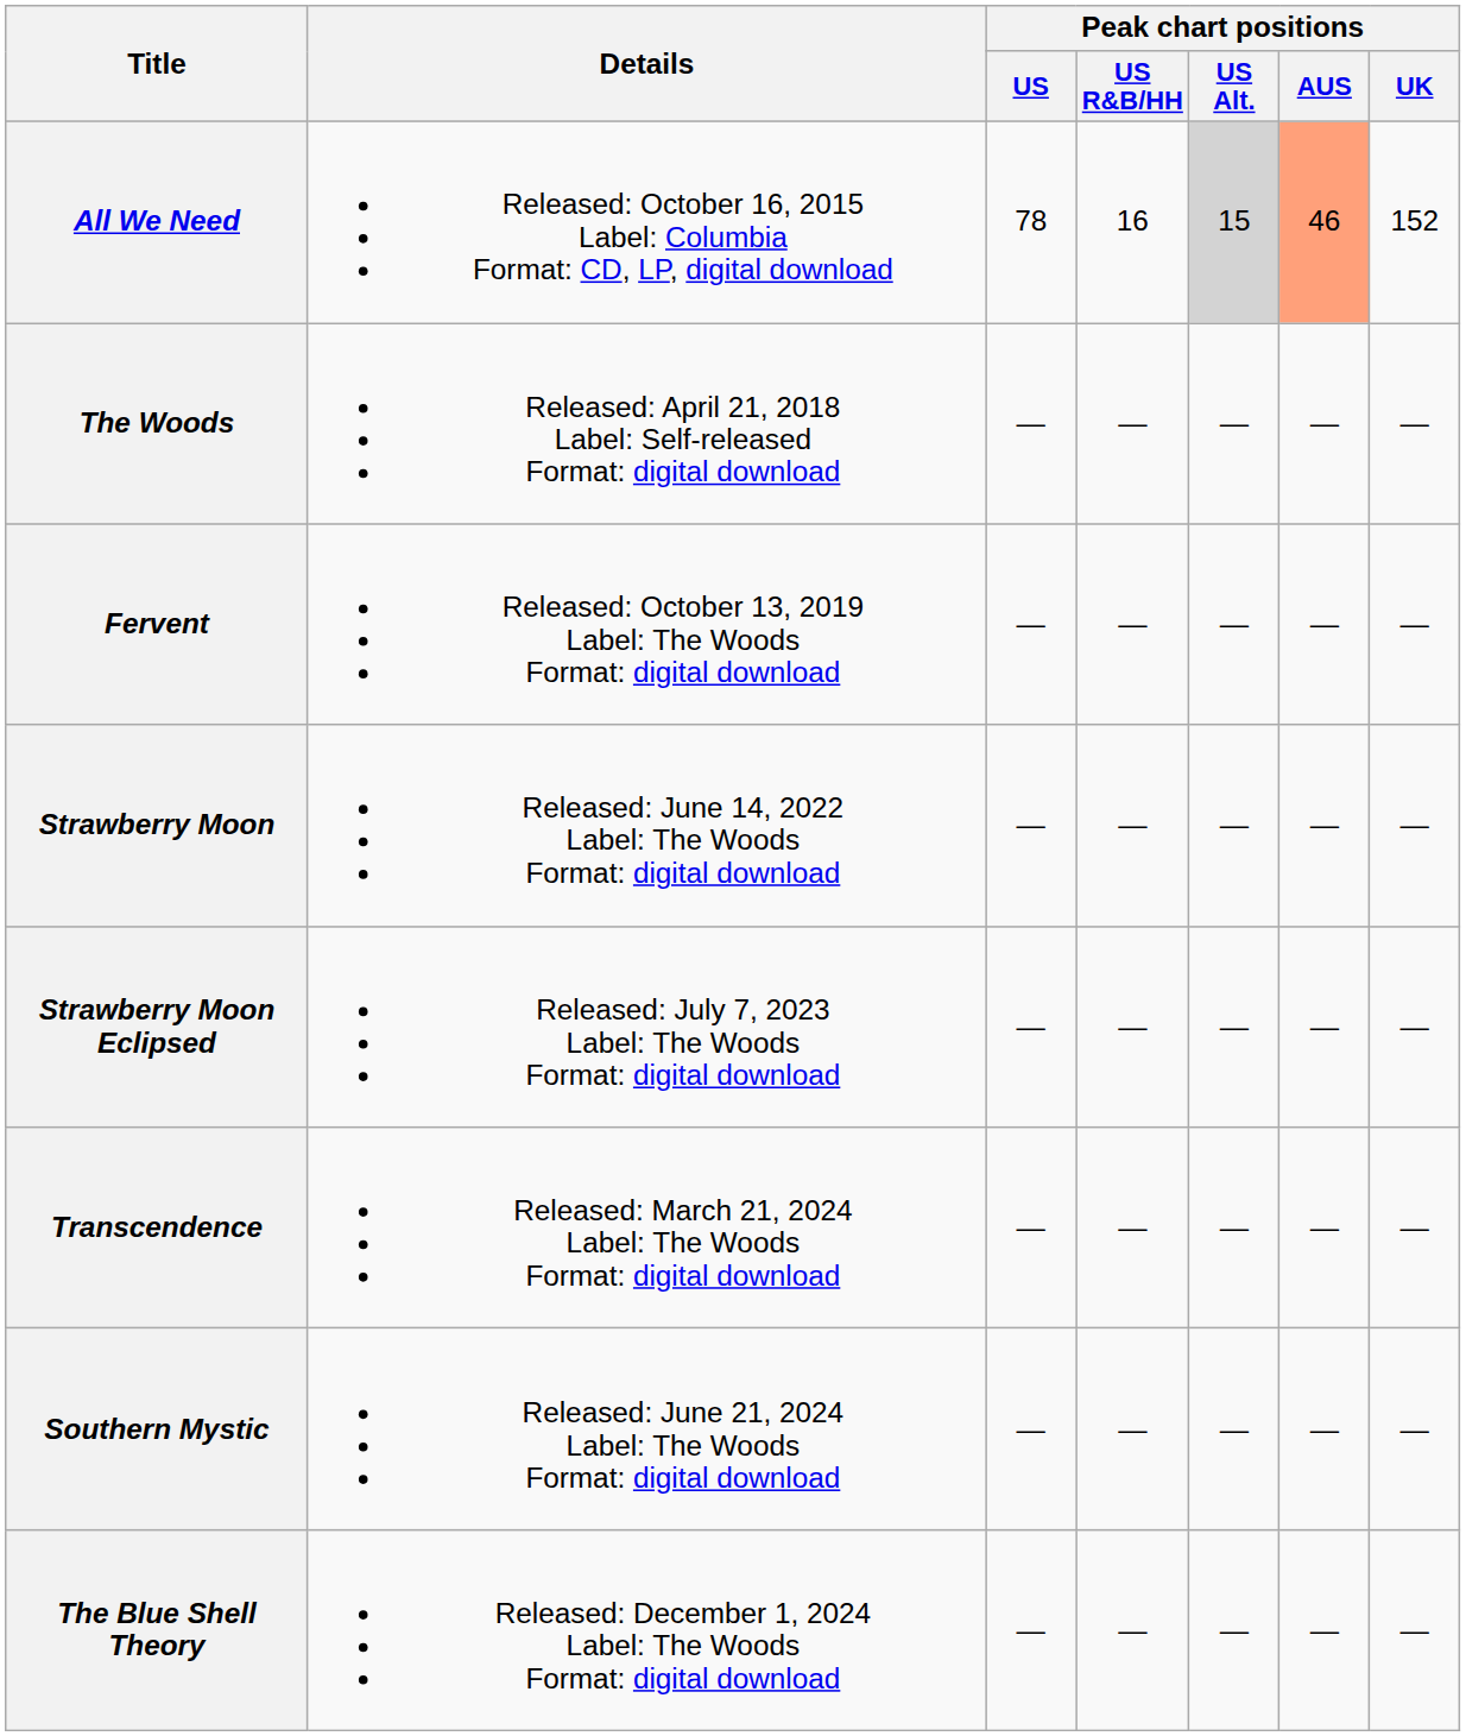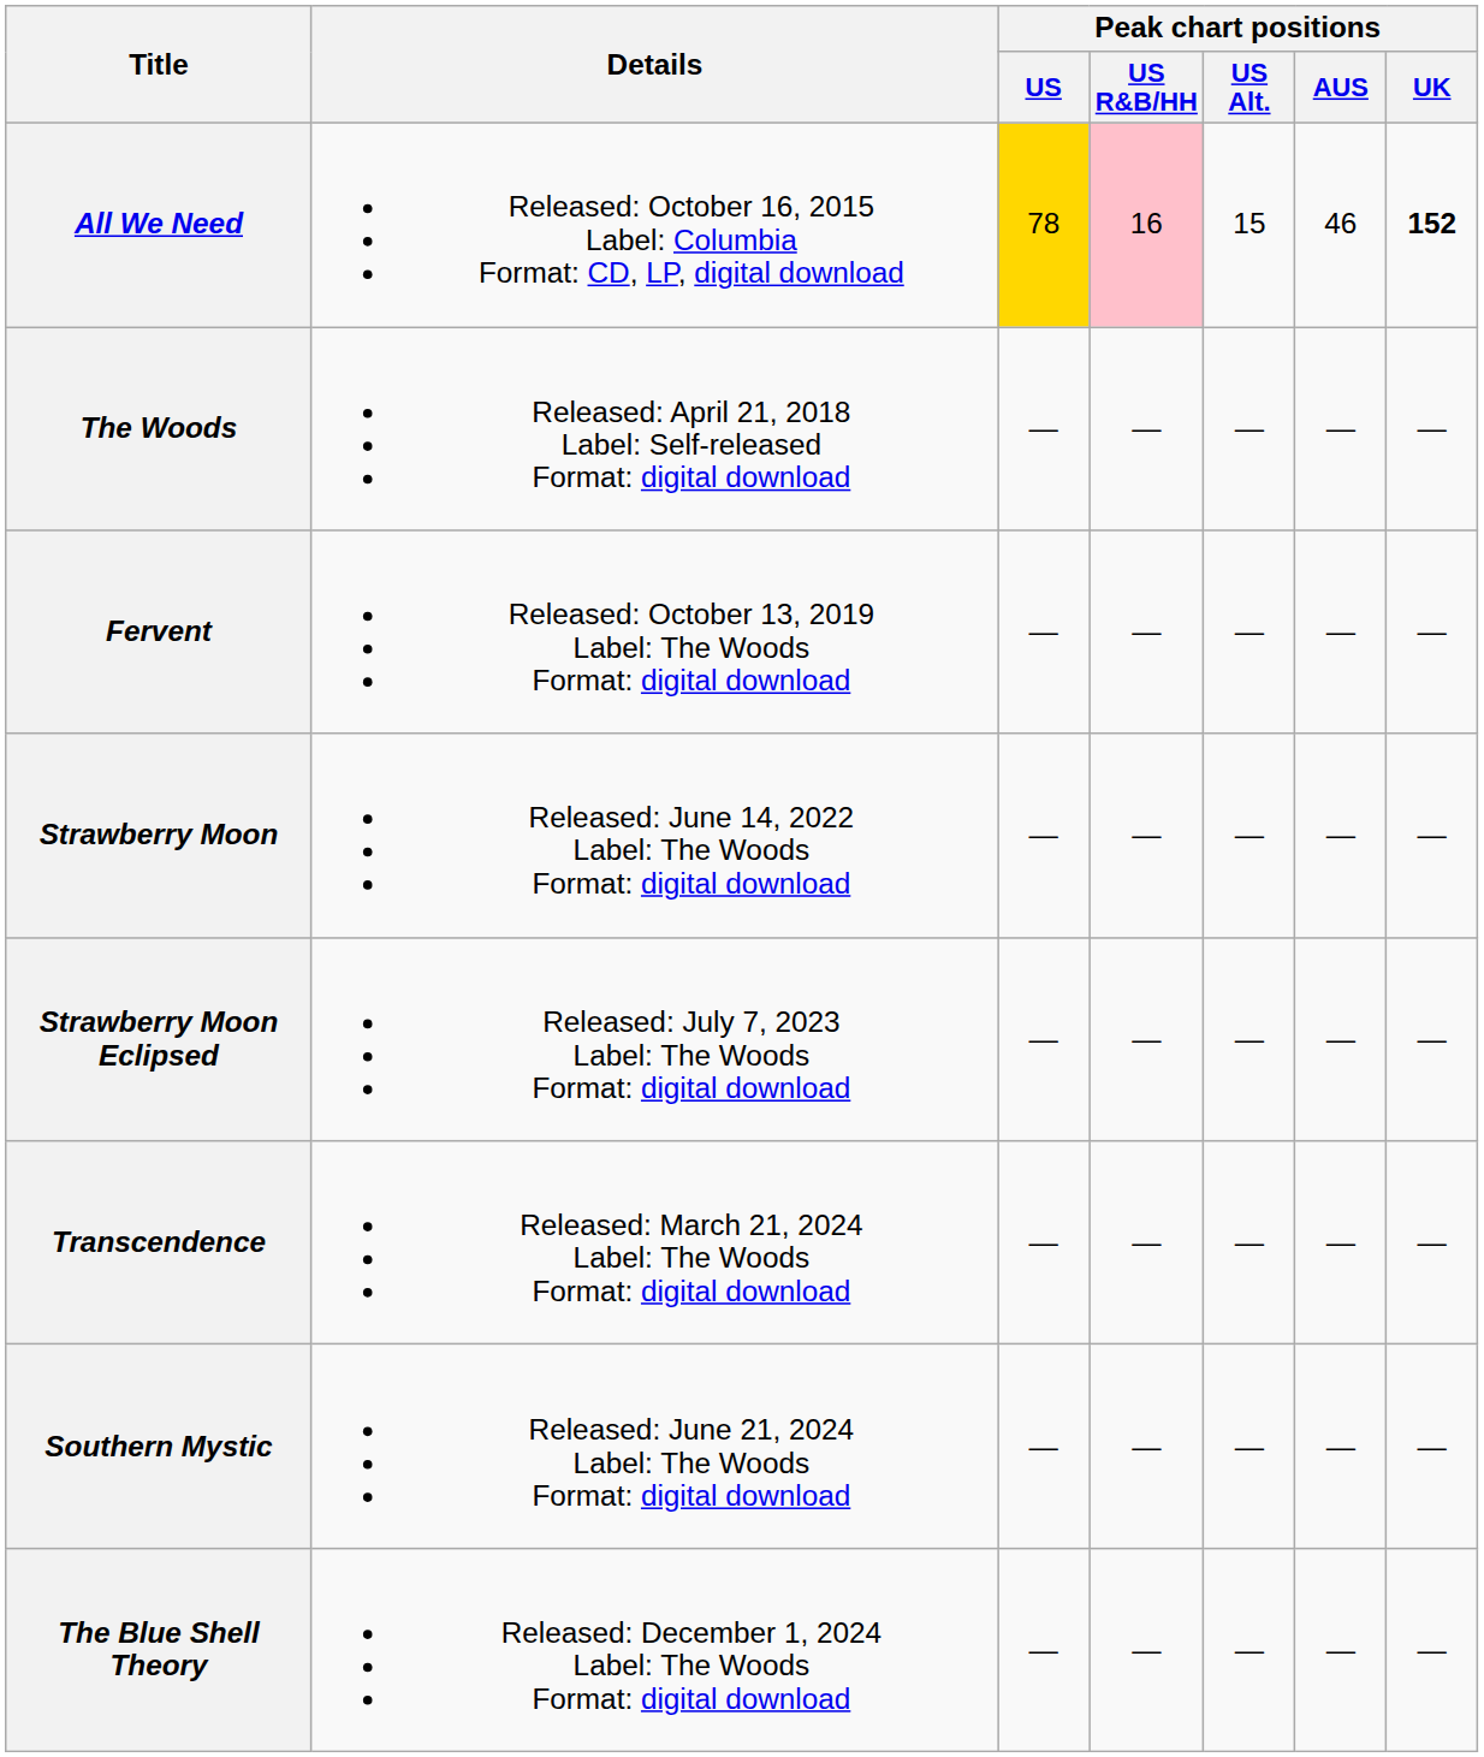 <table class="wikitable plainrowheaders" style="text-align:center;">
 <tr>
 <th scope="col" rowspan="2" style="width:10em;">Title</th>
 <th scope="col" rowspan="2" style="width:23em;">Details</th>
 <th scope="col" colspan="5">Peak chart positions</th>
 </tr>
 <tr>
 <th scope="col" style="width:3em;font-size:90%;"><a href='#'>US</a><br></th>
 <th scope="col" style="width:3em;font-size:90%;"><a href='#'>US R&B/HH</a><br></th>
 <th scope="col" style="width:3em;font-size:90%;"><a href='#'>US Alt.</a><br></th>
 <th scope="col" style="width:3em;font-size:90%;"><a href='#'>AUS</a><br></th>
 <th scope="col" style="width:3em;font-size:90%;"><a href='#'>UK</a><br></th>
 </tr>
 <tr>
 <th scope="row"><em><a href='#'>All We Need</a></em></th>
 <td><br><ul><li>Released: October 16, 2015</li><li>Label: <a href='#'>Columbia</a></li><li>Format: <a href='#'>CD</a>, <a href='#'>LP</a>, <a href='#'>digital download</a></li></ul></td>
-<td>78</td>
-<td>16</td>
-<td style="background: lightgrey;">15</td>
-<td style="background: lightsalmon;">46</td>
-<td>152</td>
+<td style="background: gold;">78</td>
+<td style="background: pink;">16</td>
+<td>15</td>
+<td>46</td>
+<td><strong>152</strong></td>
 </tr>
 <tr>
 <th scope="row"><em>The Woods</em></th>
 <td><br><ul><li>Released: April 21, 2018</li><li>Label: Self-released</li><li>Format: <a href='#'>digital download</a></li></ul></td>
 <td>—</td>
 <td>—</td>
 <td>—</td>
 <td>—</td>
 <td>—</td>
 </tr>
 <tr>
 <th scope="row"><em>Fervent</em></th>
 <td><br><ul><li>Released: October 13, 2019</li><li>Label: The Woods</li><li>Format: <a href='#'>digital download</a></li></ul></td>
 <td>—</td>
 <td>—</td>
 <td>—</td>
 <td>—</td>
 <td>—</td>
 </tr>
 <tr>
 <th scope="row"><em>Strawberry Moon</em></th>
 <td><br><ul><li>Released: June 14, 2022</li><li>Label: The Woods</li><li>Format: <a href='#'>digital download</a></li></ul></td>
 <td>—</td>
 <td>—</td>
 <td>—</td>
 <td>—</td>
 <td>—</td>
 </tr>
 <tr>
 <th scope="row"><em>Strawberry Moon Eclipsed</em></th>
 <td><br><ul><li>Released: July 7, 2023</li><li>Label: The Woods</li><li>Format: <a href='#'>digital download</a></li></ul></td>
 <td>—</td>
 <td>—</td>
 <td>—</td>
 <td>—</td>
 <td>—</td>
 </tr>
 <tr>
 <th scope="row"><em>Transcendence</em></th>
 <td><br><ul><li>Released: March 21, 2024</li><li>Label: The Woods</li><li>Format: <a href='#'>digital download</a></li></ul></td>
 <td>—</td>
 <td>—</td>
 <td>—</td>
 <td>—</td>
 <td>—</td>
 </tr>
 <tr>
 <th scope="row"><em>Southern Mystic</em></th>
 <td><br><ul><li>Released: June 21, 2024</li><li>Label: The Woods</li><li>Format: <a href='#'>digital download</a></li></ul></td>
 <td>—</td>
 <td>—</td>
 <td>—</td>
 <td>—</td>
 <td>—</td>
 </tr>
 <tr>
 <th scope="row"><em>The Blue Shell Theory</em></th>
 <td><br><ul><li>Released: December 1, 2024</li><li>Label: The Woods</li><li>Format: <a href='#'>digital download</a></li></ul></td>
 <td>—</td>
 <td>—</td>
 <td>—</td>
 <td>—</td>
 <td>—</td>
 </tr>
 </table>
